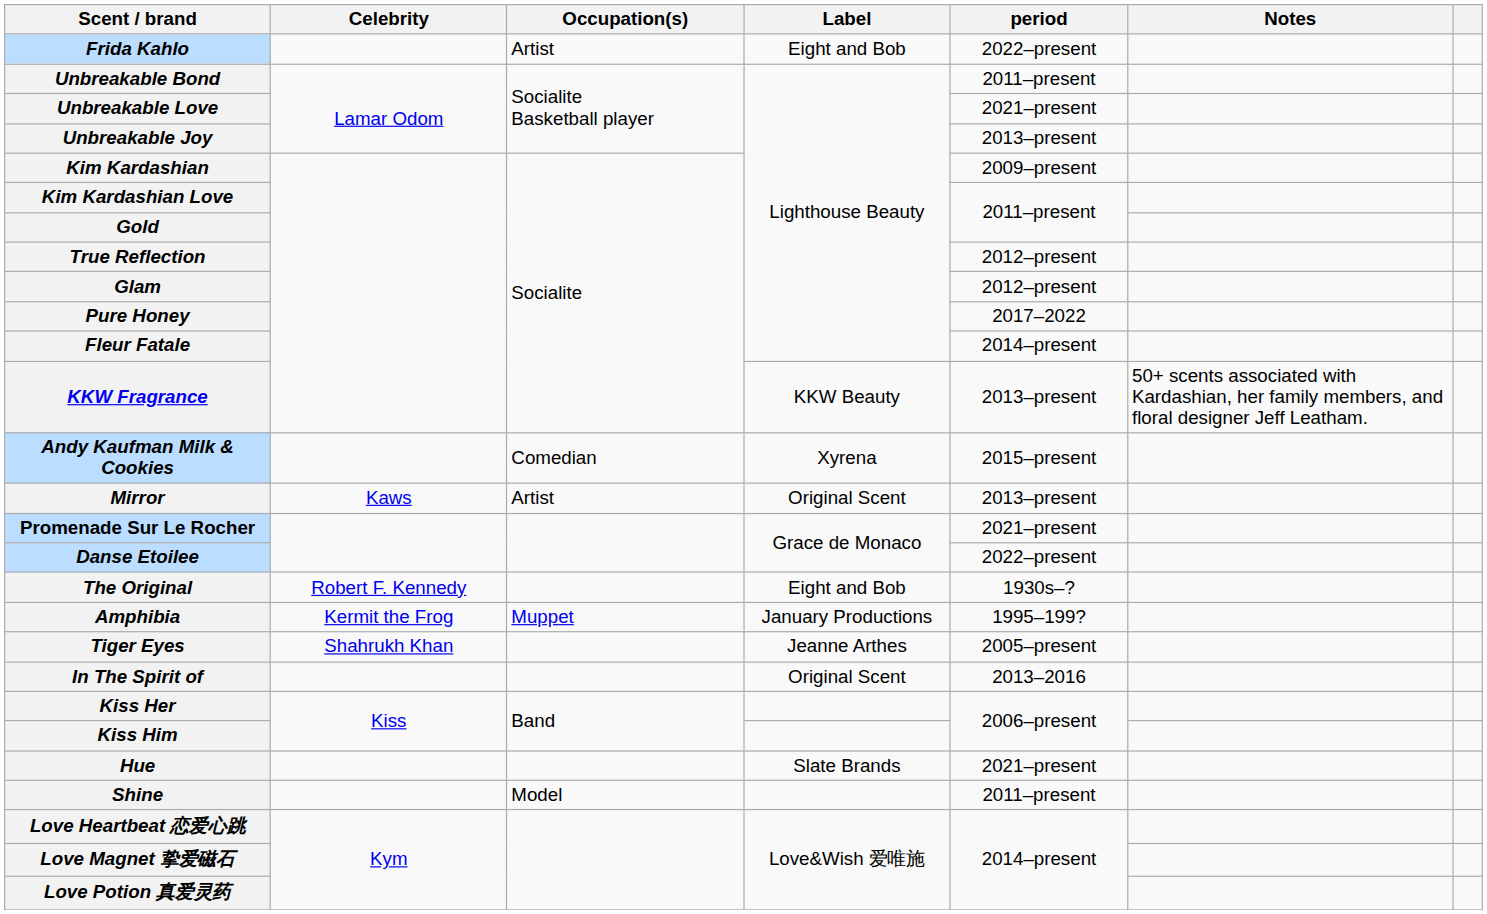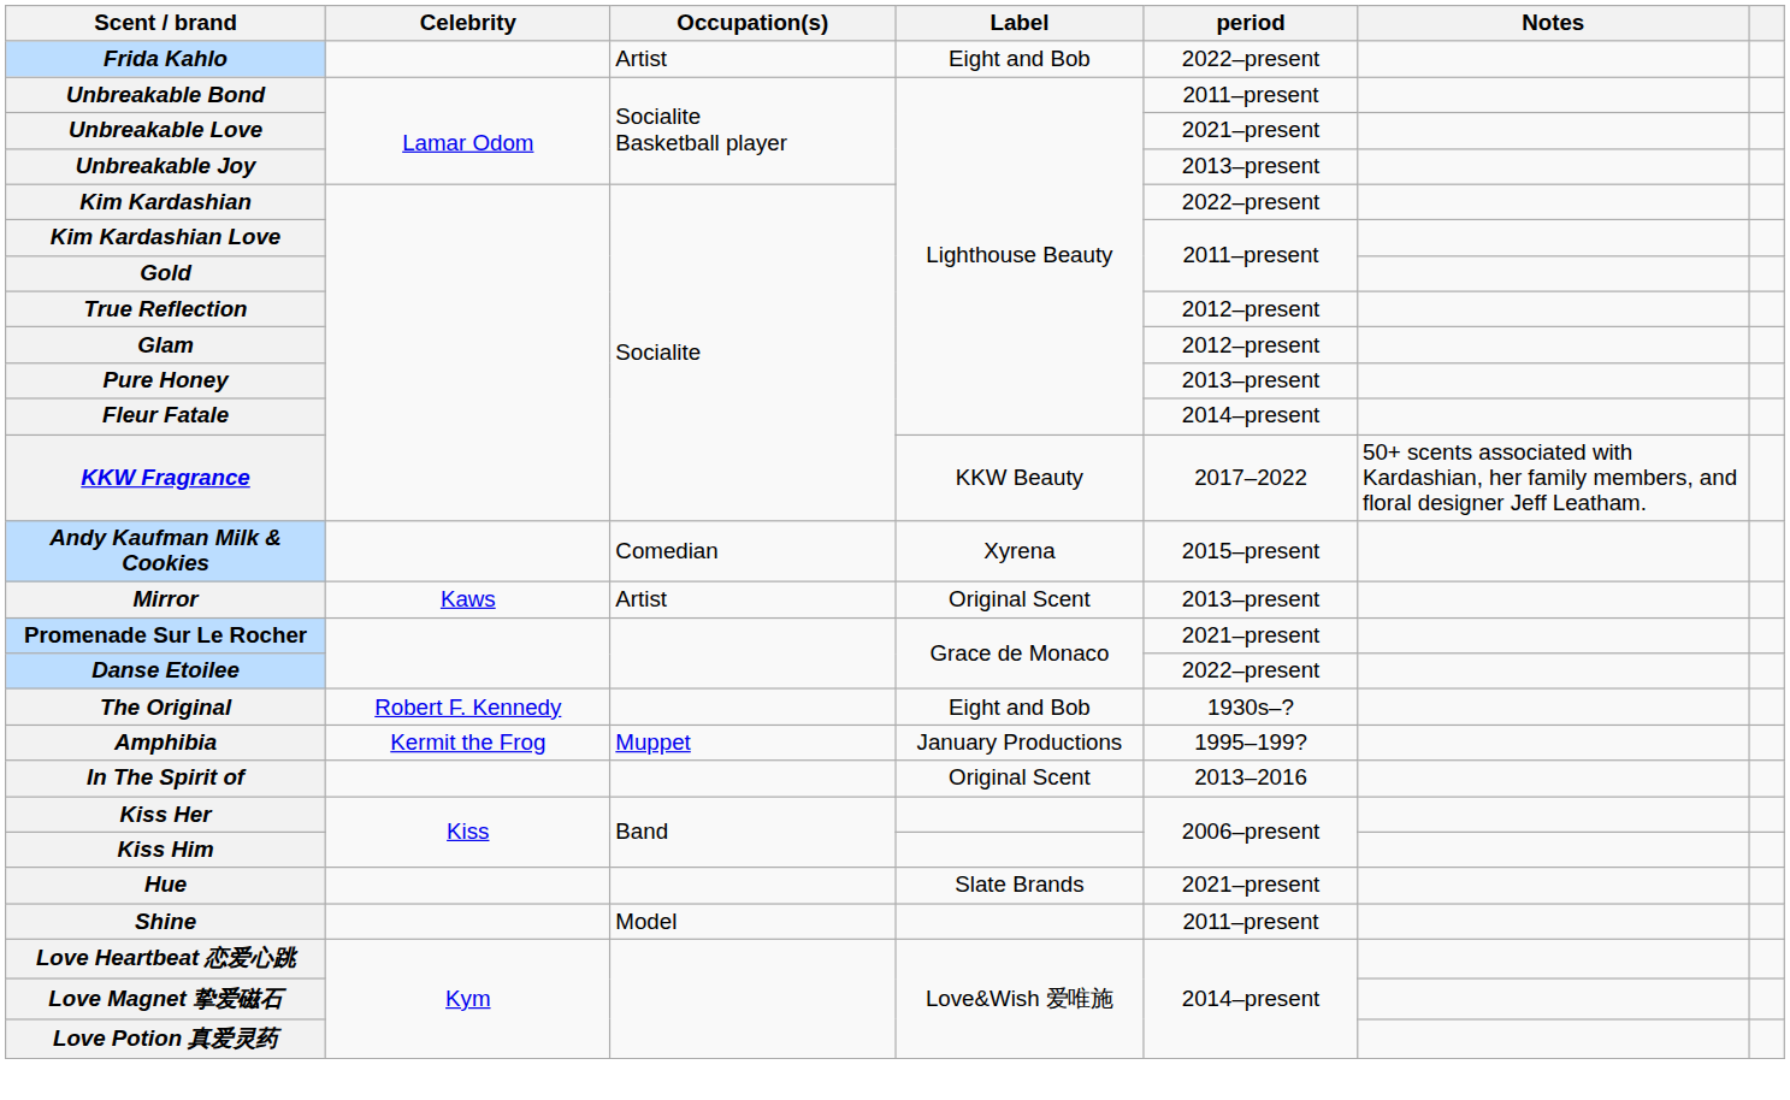 <table class="wikitable sortable plainrowheaders" font-size:95%; style="text-align:center;" width="100%;">
 <tr>
 <th scope="col" width="18%">Scent / brand</th>
 <th scope="col" width:"16%">Celebrity</th>
 <th scope="col" width="16%">Occupation(s)</th>
 <th scope="col" width="14%">Label</th>
 <th scope="col" width="12%"> period</th>
 <th scope="col" width="22%;" class="unsortable">Notes</th>
 <th scope="col" width="2%;" class="unsortable"></th>
 </tr>
 <tr>
 <th style="background:#bdf;" scope="row"><em>Frida Kahlo</em></th>
 <td></td>
 <td style="text-align:left;">Artist</td>
 <td>Eight and Bob</td>
 <td>2022–present</td>
 <td></td>
 <td></td>
 </tr>
 <tr>
 <th scope="row"><em>Unbreakable Bond</em></th>
 <td rowspan="3"><br><a href='#'>Lamar Odom</a></td>
 <td rowspan="3" style="text-align:left;">Socialite<br>Basketball player</td>
 <td rowspan="10">Lighthouse Beauty</td>
 <td>2011–present</td>
 <td style="text-align:left;"></td>
 <td></td>
 </tr>
 <tr>
 <th scope="row"><em>Unbreakable Love</em></th>
 <td>2021–present</td>
 <td style="text-align:left;"></td>
 <td></td>
 </tr>
 <tr>
 <th scope="row"><em>Unbreakable Joy</em></th>
 <td>2013–present</td>
 <td style="text-align:left;"></td>
 <td></td>
 </tr>
 <tr>
 <th scope="row"><em>Kim Kardashian</em></th>
 <td rowspan="8"></td>
 <td rowspan="8" style="text-align:left;">Socialite</td>
-<td>2009–present</td>
+<td>2022–present</td>
 <td style="text-align:left;"></td>
 <td></td>
 </tr>
 <tr>
 <th scope="row"><em>Kim Kardashian Love</em></th>
 <td rowspan="2">2011–present</td>
 <td style="text-align:left;"></td>
 <td></td>
 </tr>
 <tr>
 <th scope="row"><em>Gold</em></th>
 <td style="text-align:left;"></td>
 <td></td>
 </tr>
 <tr>
 <th scope="row"><em>True Reflection</em></th>
 <td>2012–present</td>
 <td style="text-align:left;"></td>
 <td></td>
 </tr>
 <tr>
 <th scope="row"><em>Glam</em></th>
 <td>2012–present</td>
 <td style="text-align:left;"></td>
 <td></td>
 </tr>
 <tr>
 <th scope="row"><em>Pure Honey</em></th>
-<td>2017–2022</td>
+<td>2013–present</td>
 <td style="text-align:left;"></td>
 <td></td>
 </tr>
 <tr>
 <th scope="row"><em>Fleur Fatale</em></th>
 <td>2014–present</td>
 <td style="text-align:left;"></td>
 <td></td>
 </tr>
 <tr>
 <th scope="row"><em><a href='#'>KKW Fragrance</a></em></th>
 <td>KKW Beauty</td>
-<td>2013–present</td>
+<td>2017–2022</td>
 <td style="text-align:left;">50+ scents associated with Kardashian, her family members, and floral designer Jeff Leatham.</td>
 <td></td>
 </tr>
 <tr>
 <th style="background:#bdf;" scope="row"><em>Andy Kaufman Milk & Cookies</em></th>
 <td></td>
 <td style="text-align:left;">Comedian</td>
 <td>Xyrena</td>
 <td>2015–present</td>
 <td></td>
 <td></td>
 </tr>
 <tr>
 <th scope="row"><em>Mirror</em></th>
 <td><a href='#'>Kaws</a></td>
 <td style="text-align:left;">Artist</td>
 <td>Original Scent</td>
 <td>2013–present</td>
 <td style="text-align:left;"></td>
 <td></td>
 </tr>
 <tr>
 <th style="background:#bdf;" scope="row">Promenade Sur Le Rocher</th>
 <td rowspan="2"></td>
 <td rowspan="2"></td>
 <td rowspan="2">Grace de Monaco</td>
 <td>2021–present</td>
 <td></td>
 <td></td>
 </tr>
 <tr>
 <th style="background:#bdf;" scope="row"><em>Danse Etoilee</em></th>
 <td>2022–present</td>
 <td></td>
 <td></td>
 </tr>
 <tr>
 <th scope="row"><em>The Original</em></th>
 <td><a href='#'>Robert F. Kennedy</a></td>
 <td></td>
 <td>Eight and Bob</td>
 <td>1930s–?</td>
 <td style="text-align:left;"></td>
 <td></td>
 </tr>
 <tr>
 <th scope="row"><em>Amphibia</em></th>
 <td><a href='#'>Kermit the Frog</a></td>
 <td style="text-align:left;"><a href='#'>Muppet</a></td>
 <td>January Productions</td>
 <td>1995–199?</td>
-<td style="text-align:left;"></td>
-<td></td>
-</tr>
-<tr>
-<th scope="row"><em>Tiger Eyes</em></th>
-<td><a href='#'>Shahrukh Khan</a></td>
-<td></td>
-<td>Jeanne Arthes</td>
-<td>2005–present</td>
 <td style="text-align:left;"></td>
 <td></td>
 </tr>
 <tr>
 <th scope="row"><em>In The Spirit of</em></th>
 <td></td>
 <td></td>
 <td>Original Scent</td>
 <td>2013–2016</td>
 <td style="text-align:left;"></td>
 <td></td>
 </tr>
 <tr>
 <th scope="row"><em>Kiss Her</em></th>
 <td rowspan="2"><a href='#'>Kiss</a></td>
 <td rowspan="2" style="text-align:left;">Band</td>
 <td></td>
 <td rowspan="2">2006–present</td>
 <td style="text-align:left;"></td>
 <td></td>
 </tr>
 <tr>
 <th scope="row"><em>Kiss Him</em></th>
 <td></td>
 <td style="text-align:left;"></td>
 <td></td>
 </tr>
 <tr>
 <th scope="row"><em>Hue</em></th>
 <td></td>
 <td></td>
 <td>Slate Brands</td>
 <td>2021–present</td>
 <td style="text-align:left;"></td>
 <td></td>
 </tr>
 <tr>
 <th scope="row"><em>Shine</em></th>
 <td></td>
 <td style="text-align:left;">Model</td>
 <td></td>
 <td>2011–present</td>
 <td style="text-align:left;"></td>
 <td></td>
 </tr>
 <tr>
 <th scope="row"><em>Love Heartbeat 恋爱心跳</em></th>
 <td rowspan="3"><a href='#'>Kym</a></td>
 <td rowspan="3"></td>
 <td rowspan="3">Love&Wish 爱唯施</td>
 <td rowspan="3">2014–present</td>
 <td style="text-align:left;"></td>
 <td></td>
 </tr>
 <tr>
 <th scope="row"><em>Love Magnet 挚爱磁石</em></th>
 <td style="text-align:left;"></td>
 <td></td>
 </tr>
 <tr>
 <th scope="row"><em>Love Potion 真爱灵药</em></th>
 <td style="text-align:left;"></td>
 <td></td>
 </tr>
 <tr>
 </tr>
 </table>
